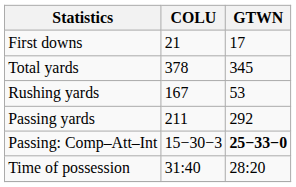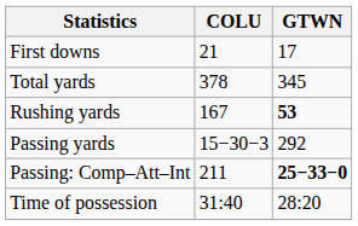 <table class="wikitable" style="float: left;">
 <tr>
 <th>Statistics</th>
 <th>COLU</th>
 <th>GTWN</th>
 </tr>
 <tr>
 <td>First downs</td>
 <td>21</td>
 <td>17</td>
 </tr>
 <tr>
 <td>Total yards</td>
 <td>378</td>
 <td>345</td>
 </tr>
 <tr>
 <td>Rushing yards</td>
 <td>167</td>
-<td>53</td>
+<td><strong>53</strong></td>
 </tr>
 <tr>
 <td>Passing yards</td>
-<td>211</td>
+<td>15−30−3</td>
 <td>292</td>
 </tr>
 <tr>
 <td>Passing: Comp–Att–Int</td>
-<td>15−30−3</td>
+<td>211</td>
 <td><strong>25−33−0</strong></td>
 </tr>
 <tr>
 <td>Time of possession</td>
 <td>31:40</td>
 <td>28:20</td>
 </tr>
 <tr>
 </tr>
 </table>
